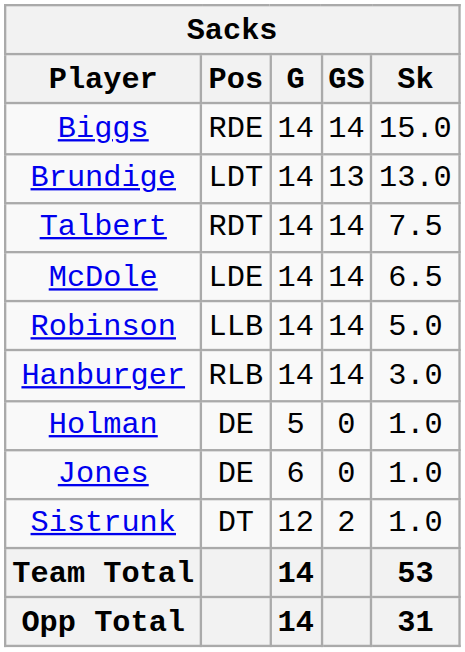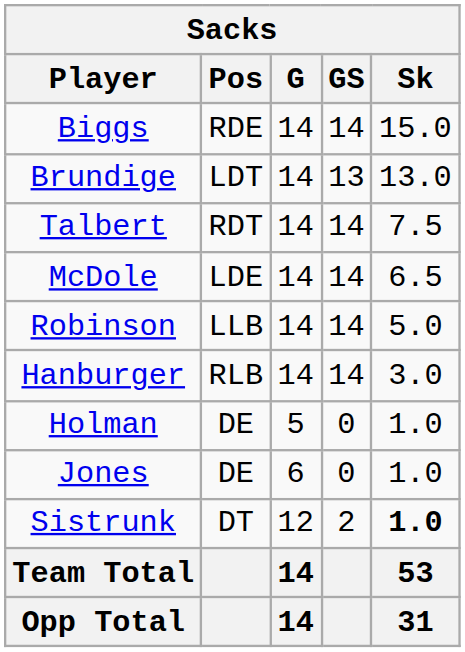 <table class="wikitable" style="text-align:center">
 <tr>
 <th colspan="5">Sacks</th>
 </tr>
 <tr>
 <th>Player</th>
 <th>Pos</th>
 <th>G</th>
 <th>GS</th>
 <th>Sk</th>
 </tr>
 <tr>
 <td><a href='#'>Biggs</a></td>
 <td>RDE</td>
 <td>14</td>
 <td>14</td>
 <td>15.0</td>
 </tr>
 <tr>
 <td><a href='#'>Brundige</a></td>
 <td>LDT</td>
 <td>14</td>
 <td>13</td>
 <td>13.0</td>
 </tr>
 <tr>
 <td><a href='#'>Talbert</a></td>
 <td>RDT</td>
 <td>14</td>
 <td>14</td>
 <td>7.5</td>
 </tr>
 <tr>
 <td><a href='#'>McDole</a></td>
 <td>LDE</td>
 <td>14</td>
 <td>14</td>
 <td>6.5</td>
 </tr>
 <tr>
 <td><a href='#'>Robinson</a></td>
 <td>LLB</td>
 <td>14</td>
 <td>14</td>
 <td>5.0</td>
 </tr>
 <tr>
 <td><a href='#'>Hanburger</a></td>
 <td>RLB</td>
 <td>14</td>
 <td>14</td>
 <td>3.0</td>
 </tr>
 <tr>
 <td><a href='#'>Holman</a></td>
 <td>DE</td>
 <td>5</td>
 <td>0</td>
 <td>1.0</td>
 </tr>
 <tr>
 <td><a href='#'>Jones</a></td>
 <td>DE</td>
 <td>6</td>
 <td>0</td>
 <td>1.0</td>
 </tr>
 <tr>
 <td><a href='#'>Sistrunk</a></td>
 <td>DT</td>
 <td>12</td>
 <td>2</td>
-<td>1.0</td>
+<td><strong>1.0</strong></td>
 </tr>
 <tr>
 <th>Team Total</th>
 <th></th>
 <th>14</th>
 <th></th>
 <th>53</th>
 </tr>
 <tr>
 <th>Opp Total</th>
 <th></th>
 <th>14</th>
 <th></th>
 <th>31</th>
 </tr>
 </table>
